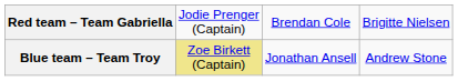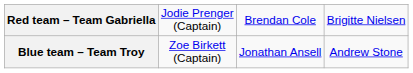 <table class="wikitable" style="text-align:center">
 <tr>
 <th scope="row">Red team – Team Gabriella</th>
 <td><a href='#'>Jodie Prenger</a><br>(Captain)</td>
 <td><a href='#'>Brendan Cole</a></td>
 <td><a href='#'>Brigitte Nielsen</a></td>
 </tr>
 <tr>
 <th scope="row">Blue team – Team Troy</th>
-<td style="background: khaki;"><a href='#'>Zoe Birkett</a><br>(Captain)</td>
+<td><a href='#'>Zoe Birkett</a><br>(Captain)</td>
 <td><a href='#'>Jonathan Ansell</a></td>
 <td><a href='#'>Andrew Stone</a></td>
 </tr>
 </table>
